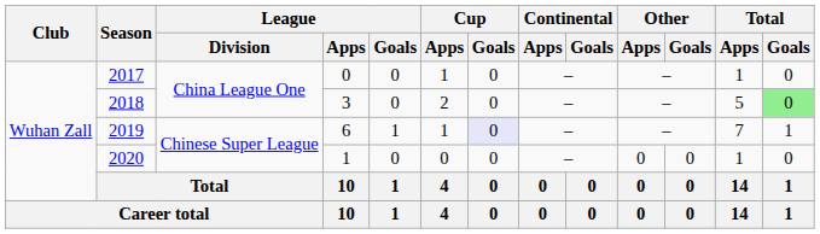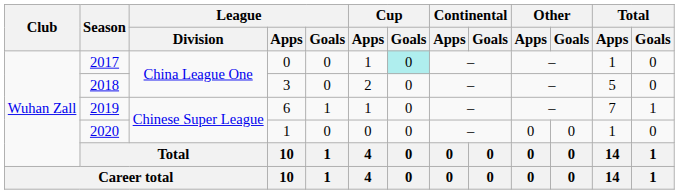 <table class="wikitable" style="text-align: center">
 <tr>
 <th rowspan="2">Club</th>
 <th rowspan="2">Season</th>
 <th colspan="3">League</th>
 <th colspan="2">Cup</th>
 <th colspan="2">Continental</th>
 <th colspan="2">Other</th>
 <th colspan="2">Total</th>
 </tr>
 <tr>
 <th>Division</th>
 <th>Apps</th>
 <th>Goals</th>
 <th>Apps</th>
 <th>Goals</th>
 <th>Apps</th>
 <th>Goals</th>
 <th>Apps</th>
 <th>Goals</th>
 <th>Apps</th>
 <th>Goals</th>
 </tr>
 <tr>
 <td rowspan=5><a href='#'>Wuhan Zall</a></td>
 <td><a href='#'>2017</a></td>
 <td rowspan="2"><a href='#'>China League One</a></td>
 <td>0</td>
 <td>0</td>
 <td>1</td>
-<td>0</td>
+<td style="background: paleturquoise;">0</td>
 <td colspan="2">–</td>
 <td colspan="2">–</td>
 <td>1</td>
 <td>0</td>
 </tr>
 <tr>
 <td><a href='#'>2018</a></td>
 <td>3</td>
 <td>0</td>
 <td>2</td>
 <td>0</td>
 <td colspan="2">–</td>
 <td colspan="2">–</td>
 <td>5</td>
-<td style="background: lightgreen;">0</td>
+<td>0</td>
 </tr>
 <tr>
 <td><a href='#'>2019</a></td>
 <td rowspan=2><a href='#'>Chinese Super League</a></td>
 <td>6</td>
 <td>1</td>
 <td>1</td>
-<td style="background: lavender;">0</td>
+<td>0</td>
 <td colspan="2">–</td>
 <td colspan="2">–</td>
 <td>7</td>
 <td>1</td>
 </tr>
 <tr>
 <td><a href='#'>2020</a></td>
 <td>1</td>
 <td>0</td>
 <td>0</td>
 <td>0</td>
 <td colspan="2">–</td>
 <td>0</td>
 <td>0</td>
 <td>1</td>
 <td>0</td>
 </tr>
 <tr>
 <th colspan=2>Total</th>
 <th>10</th>
 <th>1</th>
 <th>4</th>
 <th>0</th>
 <th>0</th>
 <th>0</th>
 <th>0</th>
 <th>0</th>
 <th>14</th>
 <th>1</th>
 </tr>
 <tr>
 <th colspan=3>Career total</th>
 <th>10</th>
 <th>1</th>
 <th>4</th>
 <th>0</th>
 <th>0</th>
 <th>0</th>
 <th>0</th>
 <th>0</th>
 <th>14</th>
 <th>1</th>
 </tr>
 </table>
